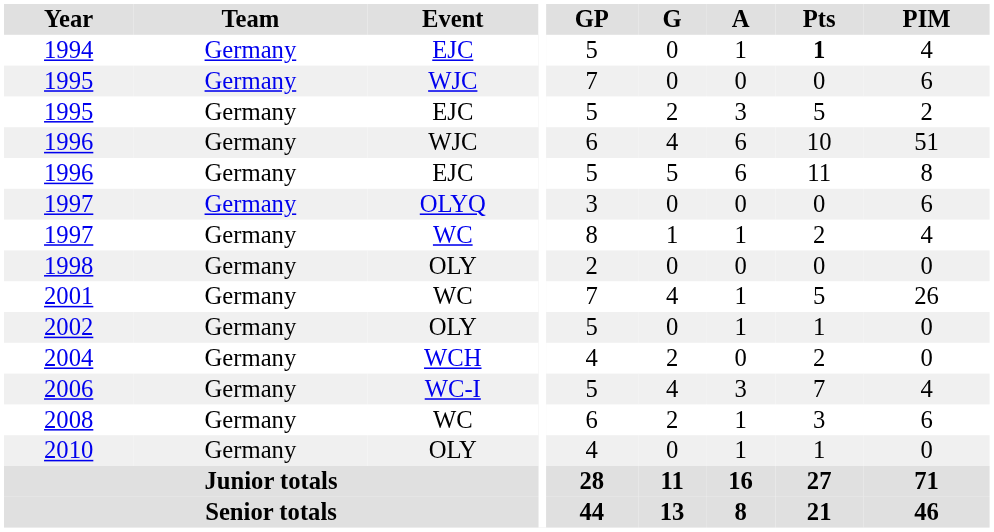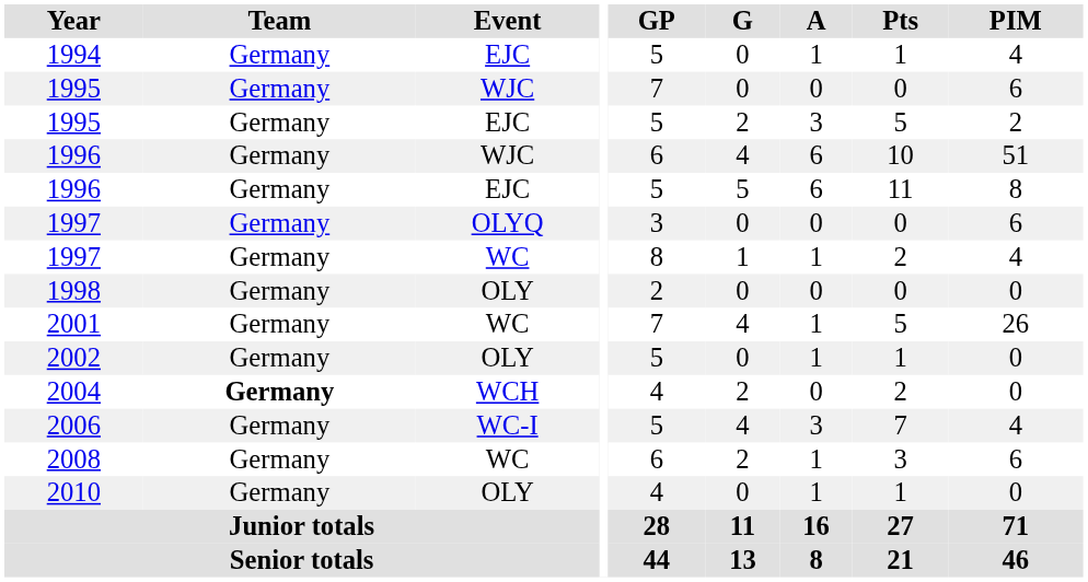 <table border="0" cellpadding="1" cellspacing="0" ID="Table3" style="text-align:center; width:40em">
 <tr bgcolor="#e0e0e0">
 <th>Year</th>
 <th>Team</th>
 <th>Event</th>
 <th rowspan="102" bgcolor="#ffffff"></th>
 <th>GP</th>
 <th>G</th>
 <th>A</th>
 <th>Pts</th>
 <th>PIM</th>
 </tr>
 <tr>
 <td><a href='#'>1994</a></td>
 <td><a href='#'>Germany</a></td>
 <td><a href='#'>EJC</a></td>
 <td>5</td>
 <td>0</td>
 <td>1</td>
-<td><strong>1</strong></td>
+<td>1</td>
 <td>4</td>
 </tr>
 <tr bgcolor="#f0f0f0">
 <td><a href='#'>1995</a></td>
 <td><a href='#'>Germany</a></td>
 <td><a href='#'>WJC</a></td>
 <td>7</td>
 <td>0</td>
 <td>0</td>
 <td>0</td>
 <td>6</td>
 </tr>
 <tr>
 <td><a href='#'>1995</a></td>
 <td>Germany</td>
 <td>EJC</td>
 <td>5</td>
 <td>2</td>
 <td>3</td>
 <td>5</td>
 <td>2</td>
 </tr>
 <tr bgcolor="#f0f0f0">
 <td><a href='#'>1996</a></td>
 <td>Germany</td>
 <td>WJC</td>
 <td>6</td>
 <td>4</td>
 <td>6</td>
 <td>10</td>
 <td>51</td>
 </tr>
 <tr>
 <td><a href='#'>1996</a></td>
 <td>Germany</td>
 <td>EJC</td>
 <td>5</td>
 <td>5</td>
 <td>6</td>
 <td>11</td>
 <td>8</td>
 </tr>
 <tr bgcolor="#f0f0f0">
 <td><a href='#'>1997</a></td>
 <td><a href='#'>Germany</a></td>
 <td><a href='#'>OLYQ</a></td>
 <td>3</td>
 <td>0</td>
 <td>0</td>
 <td>0</td>
 <td>6</td>
 </tr>
 <tr>
 <td><a href='#'>1997</a></td>
 <td>Germany</td>
 <td><a href='#'>WC</a></td>
 <td>8</td>
 <td>1</td>
 <td>1</td>
 <td>2</td>
 <td>4</td>
 </tr>
 <tr bgcolor="#f0f0f0">
 <td><a href='#'>1998</a></td>
 <td>Germany</td>
 <td>OLY</td>
 <td>2</td>
 <td>0</td>
 <td>0</td>
 <td>0</td>
 <td>0</td>
 </tr>
 <tr>
 <td><a href='#'>2001</a></td>
 <td>Germany</td>
 <td>WC</td>
 <td>7</td>
 <td>4</td>
 <td>1</td>
 <td>5</td>
 <td>26</td>
 </tr>
 <tr bgcolor="#f0f0f0">
 <td><a href='#'>2002</a></td>
 <td>Germany</td>
 <td>OLY</td>
 <td>5</td>
 <td>0</td>
 <td>1</td>
 <td>1</td>
 <td>0</td>
 </tr>
 <tr>
 <td><a href='#'>2004</a></td>
-<td>Germany</td>
+<td><strong>Germany</strong></td>
 <td><a href='#'>WCH</a></td>
 <td>4</td>
 <td>2</td>
 <td>0</td>
 <td>2</td>
 <td>0</td>
 </tr>
 <tr bgcolor="#f0f0f0">
 <td><a href='#'>2006</a></td>
 <td>Germany</td>
 <td><a href='#'>WC-I</a></td>
 <td>5</td>
 <td>4</td>
 <td>3</td>
 <td>7</td>
 <td>4</td>
 </tr>
 <tr>
 <td><a href='#'>2008</a></td>
 <td>Germany</td>
 <td>WC</td>
 <td>6</td>
 <td>2</td>
 <td>1</td>
 <td>3</td>
 <td>6</td>
 </tr>
 <tr bgcolor="#f0f0f0">
 <td><a href='#'>2010</a></td>
 <td>Germany</td>
 <td>OLY</td>
 <td>4</td>
 <td>0</td>
 <td>1</td>
 <td>1</td>
 <td>0</td>
 </tr>
 <tr bgcolor="#e0e0e0">
 <th colspan="3">Junior totals</th>
 <th>28</th>
 <th>11</th>
 <th>16</th>
 <th>27</th>
 <th>71</th>
 </tr>
 <tr bgcolor="#e0e0e0">
 <th colspan="3">Senior totals</th>
 <th>44</th>
 <th>13</th>
 <th>8</th>
 <th>21</th>
 <th>46</th>
 </tr>
 </table>
